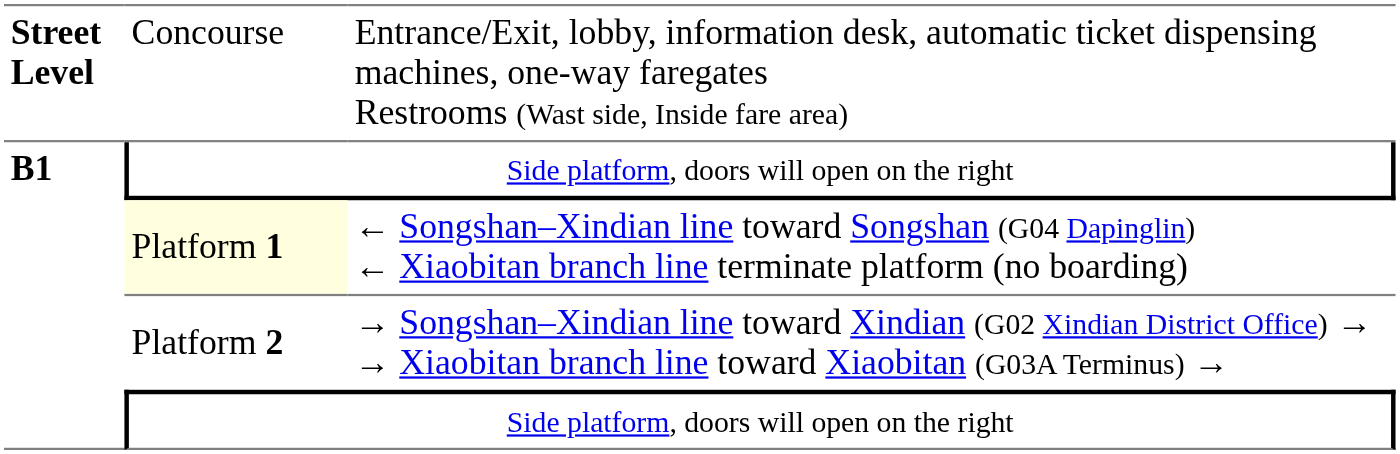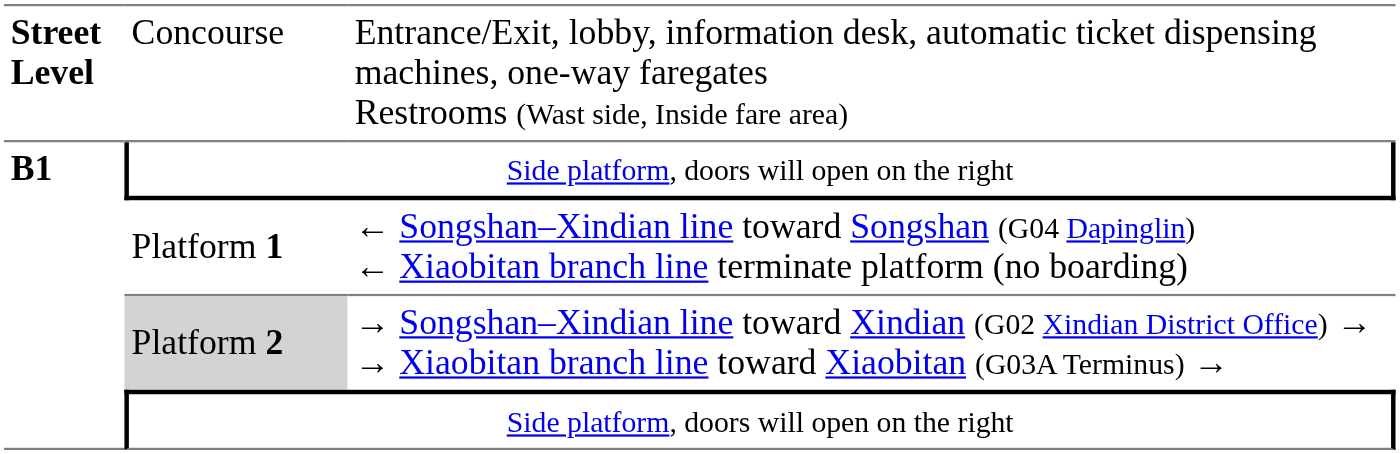 <table table border=0 cellspacing=0 cellpadding=3>
 <tr>
 <td style="border-bottom:solid 1px gray;border-top:solid 1px gray;" width=50 valign=top><strong>Street Level</strong></td>
 <td style="border-top:solid 1px gray;border-bottom:solid 1px gray;" width=100 valign=top>Concourse</td>
 <td style="border-top:solid 1px gray;border-bottom:solid 1px gray;" width=550 valign=top>Entrance/Exit, lobby, information desk, automatic ticket dispensing machines, one-way faregates<br>Restrooms <small>(Wast side, Inside fare area)</small></td>
 </tr>
 <tr>
 <td style="border-bottom:solid 1px gray;" width=50 rowspan=10 valign=top><strong>B1</strong></td>
 </tr>
 <tr>
 <td style="border-right:solid 2px black;border-left:solid 2px black;border-bottom:solid 2px black;text-align:center;" colspan=2><small><a href='#'>Side platform</a>, doors will open on the right</small></td>
 </tr>
 <tr>
-<td style="background: lightyellow; border-bottom:solid 1px gray;" width=100>Platform <span><strong>1</strong></span></td>
+<td style="border-bottom:solid 1px gray;" width=100>Platform <span><strong>1</strong></span></td>
 <td style="border-bottom:solid 1px gray;" width=550>←  <a href='#'>Songshan–Xindian line</a> toward <a href='#'>Songshan</a> <small>(G04 <a href='#'>Dapinglin</a>)</small> <br>←  <a href='#'>Xiaobitan branch line</a> terminate platform  (no boarding)</td>
 </tr>
 <tr>
-<td>Platform <span><strong>2</strong></span></td>
+<td style="background: lightgrey;">Platform <span><strong>2</strong></span></td>
 <td><span>→</span>  <a href='#'>Songshan–Xindian line</a> toward <a href='#'>Xindian</a> <small>(G02 <a href='#'>Xindian District Office</a>)</small> →<br><span>→</span>  <a href='#'>Xiaobitan branch line</a> toward <a href='#'>Xiaobitan</a> <small>(G03A Terminus)</small> →</td>
 </tr>
 <tr>
 <td style="border-top:solid 2px black;border-right:solid 2px black;border-left:solid 2px black;border-bottom:solid 1px gray;text-align:center;" colspan=2><small><a href='#'>Side platform</a>, doors will open on the right</small></td>
 </tr>
 </table>
